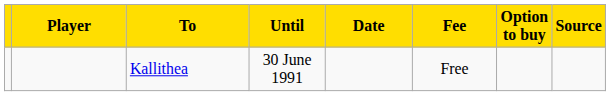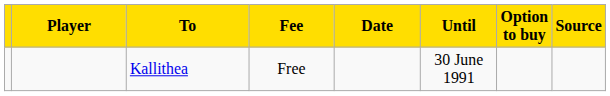 <table class="wikitable sortable">
 <tr>
 <th style="background:#FFDE00"></th>
 <th width=200 style="background:#FFDE00">Player</th>
 <th width=200 style="background:#FFDE00">To</th>
+<th width=150 style="background:#FFDE00">Fee</th>
+<th width=150 style="background:#FFDE00">Date</th>
 <th width=120 style="background:#FFDE00">Until</th>
-<th width=150 style="background:#FFDE00">Date</th>
-<th width=150 style="background:#FFDE00">Fee</th>
 <th style="background:#FFDE00">Option to buy</th>
 <th style="background:#FFDE00">Source</th>
 </tr>
 <tr>
 <td align=center></td>
 <td></td>
 <td> <a href='#'>Kallithea</a></td>
+<td align=center>Free</td>
+<td align=center></td>
 <td align=center>30 June 1991</td>
-<td align=center></td>
-<td align=center>Free</td>
 <td align=center></td>
 <td align=center></td>
 </tr>
 </table>
